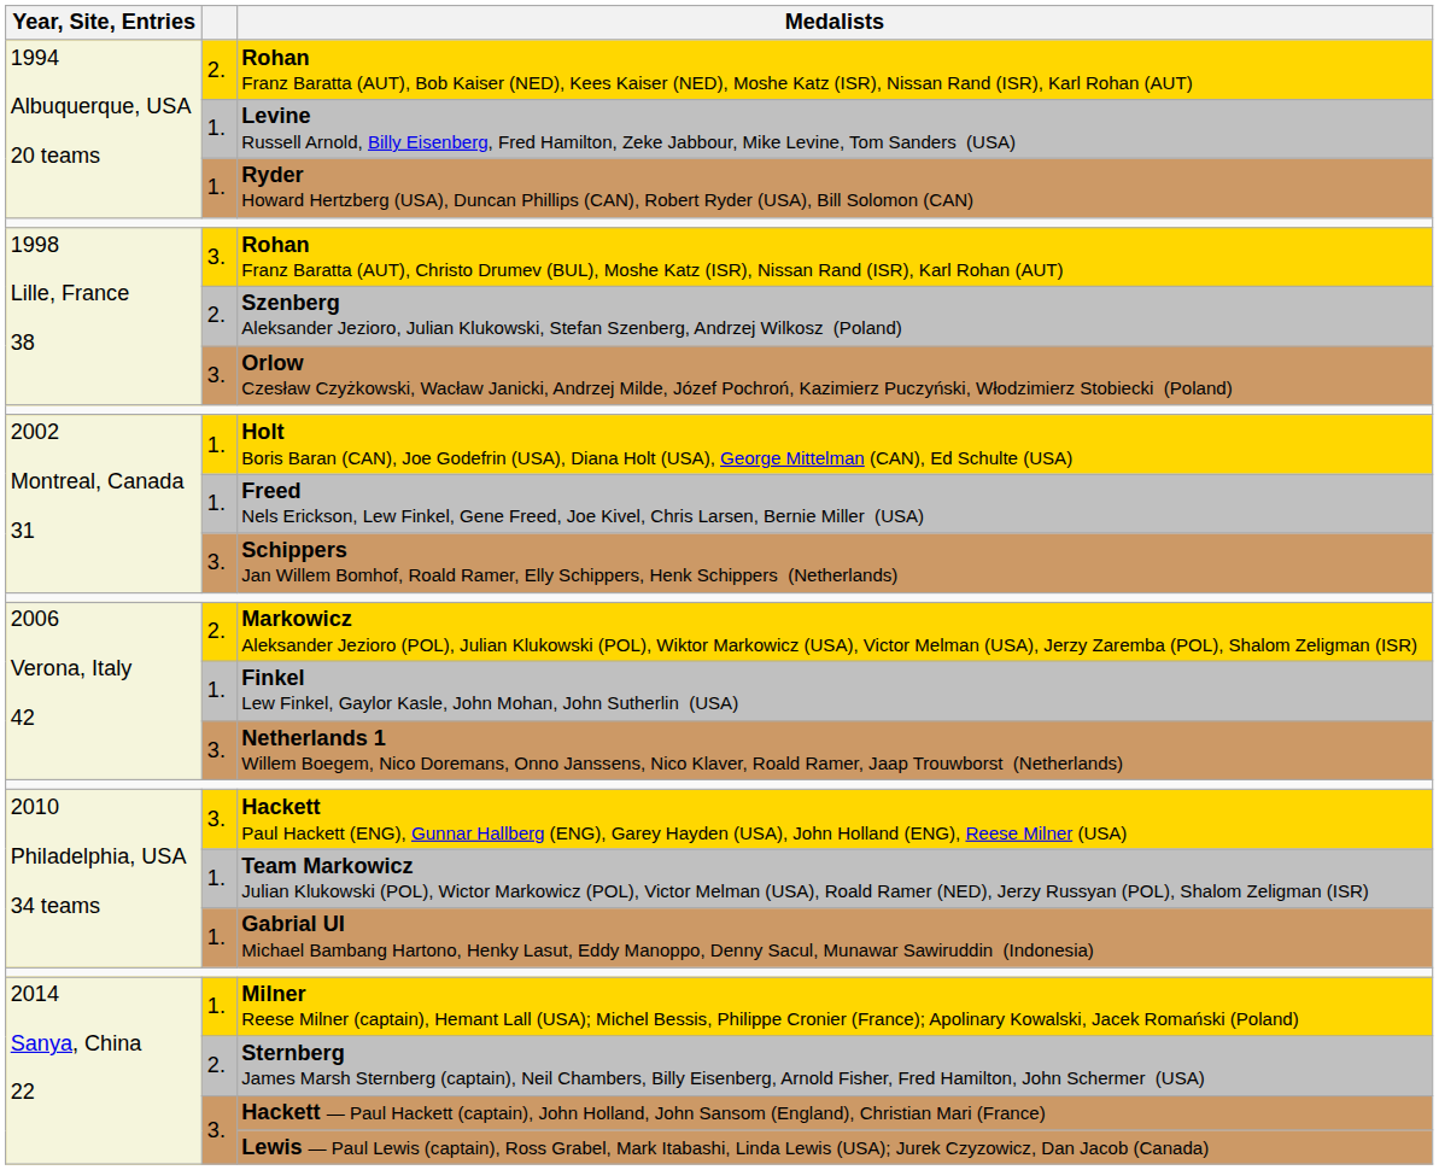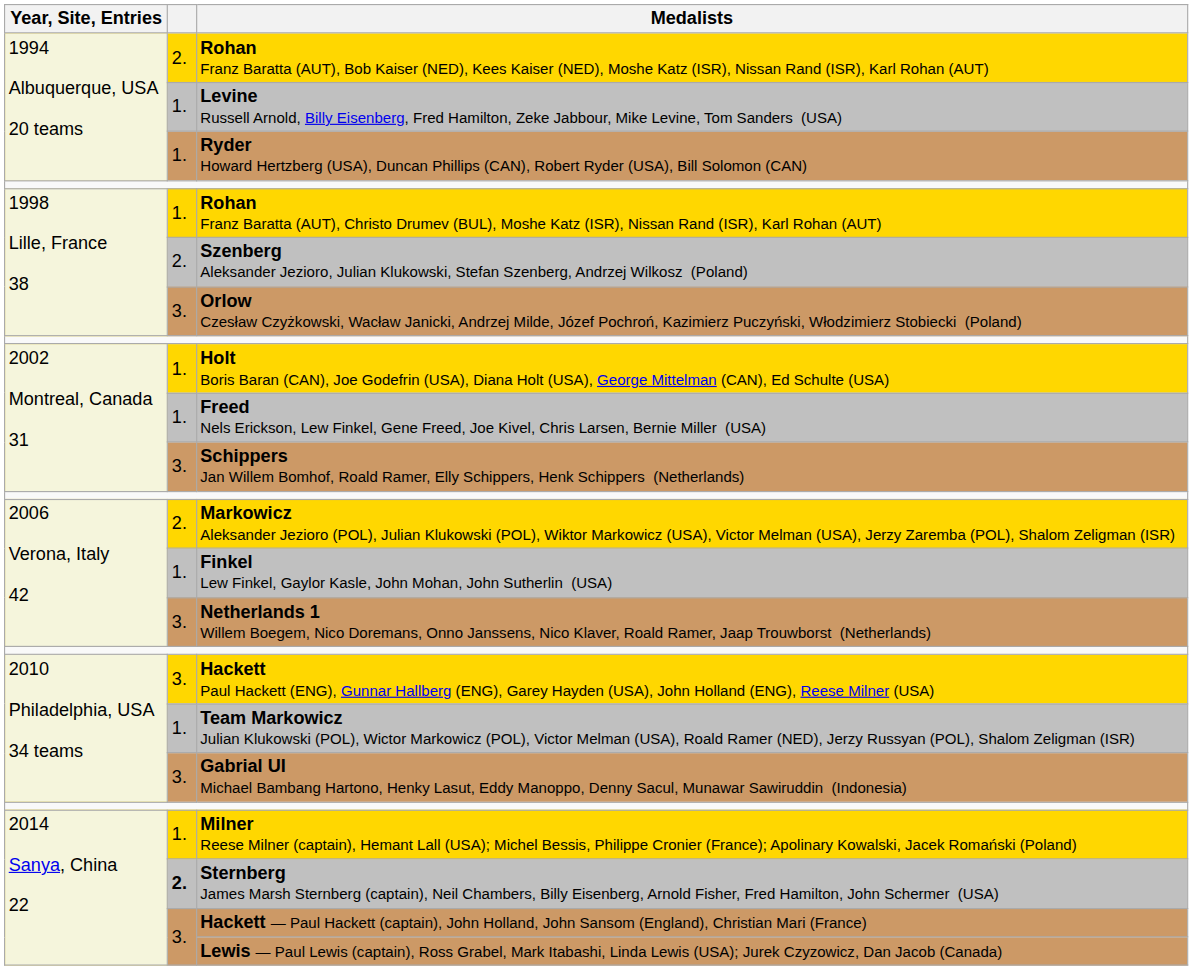 <table class=wikitable>
 <tr>
 <th>Year, Site, Entries</th>
 <th></th>
 <th>Medalists</th>
 </tr>
 <tr bgcolor="gold">
 <td rowspan="3" bgcolor="beige" valign="Top">1994 <br><br>Albuquerque, USA  <br> <br>20 teams</td>
 <td>2.</td>
 <td>   <strong>Rohan</strong> <br><small>Franz Baratta (AUT), Bob Kaiser (NED), Kees Kaiser (NED), Moshe Katz (ISR), Nissan Rand (ISR), Karl Rohan (AUT)</small></td>
 </tr>
 <tr bgcolor="silver">
 <td>1.</td>
 <td> <strong>Levine</strong> <br><small>Russell Arnold, <a href='#'>Billy Eisenberg</a>, Fred Hamilton, Zeke Jabbour, Mike Levine, Tom Sanders  (USA)</small></td>
 </tr>
 <tr bgcolor="cc9966">
 <td>1.</td>
 <td>  <strong>Ryder</strong> <br><small>Howard Hertzberg (USA), Duncan Phillips (CAN), Robert Ryder (USA), Bill Solomon (CAN)</small></td>
 </tr>
 <tr>
 <td colspan=3></td>
 </tr>
 <tr bgcolor="gold">
 <td rowspan="3" bgcolor="beige" valign="Top">1998 <br><br>Lille, France <br> <br>38</td>
-<td>3.</td>
+<td>1.</td>
 <td>   <strong>Rohan</strong> <br><small>Franz Baratta (AUT), Christo Drumev (BUL), Moshe Katz (ISR), Nissan Rand (ISR), Karl Rohan (AUT)</small></td>
 </tr>
 <tr bgcolor="silver">
 <td>2.</td>
 <td> <strong>Szenberg</strong> <br><small>Aleksander Jezioro, Julian Klukowski, Stefan Szenberg, Andrzej Wilkosz  (Poland)</small></td>
 </tr>
 <tr bgcolor="cc9966">
 <td>3.</td>
 <td> <strong>Orlow</strong> <br><small>Czesław Czyżkowski, Wacław Janicki, Andrzej Milde, Józef Pochroń, Kazimierz Puczyński, Włodzimierz Stobiecki  (Poland)</small></td>
 </tr>
 <tr>
 <td colspan=3></td>
 </tr>
 <tr bgcolor="gold">
 <td rowspan="3" bgcolor="beige" valign="Top">2002 <br><br>Montreal, Canada <br> <br>31</td>
 <td>1.</td>
 <td>  <strong>Holt</strong> <br><small>Boris Baran (CAN), Joe Godefrin (USA), Diana Holt (USA), <a href='#'>George Mittelman</a> (CAN), Ed Schulte (USA)</small></td>
 </tr>
 <tr bgcolor="silver">
 <td>1. </td>
 <td> <strong>Freed</strong> <br><small>Nels Erickson, Lew Finkel, Gene Freed, Joe Kivel, Chris Larsen, Bernie Miller  (USA)</small></td>
 </tr>
 <tr bgcolor="cc9966">
 <td>3.</td>
 <td> <strong>Schippers</strong> <br><small>Jan Willem Bomhof, Roald Ramer, Elly Schippers, Henk Schippers  (Netherlands)</small></td>
 </tr>
 <tr>
 <td colspan=3></td>
 </tr>
 <tr bgcolor="gold">
 <td rowspan="3" bgcolor="beige" valign="Top">2006 <br><br>Verona, Italy <br> <br>42</td>
 <td>2.</td>
 <td>   <strong>Markowicz</strong> <br><small>Aleksander Jezioro (POL), Julian Klukowski (POL), Wiktor Markowicz (USA), Victor Melman (USA), Jerzy Zaremba (POL), Shalom Zeligman (ISR)  </small></td>
 </tr>
 <tr bgcolor="silver">
 <td>1. </td>
 <td> <strong>Finkel</strong> <br><small>Lew Finkel, Gaylor Kasle, John Mohan, John Sutherlin  (USA)</small></td>
 </tr>
 <tr bgcolor="cc9966">
 <td>3.</td>
 <td> <strong>Netherlands 1</strong> <br><small>Willem Boegem, Nico Doremans, Onno Janssens, Nico Klaver, Roald Ramer, Jaap Trouwborst  (Netherlands)</small></td>
 </tr>
 <tr>
 <td colspan=3></td>
 </tr>
 <tr bgcolor="gold">
 <td rowspan="3" bgcolor="beige" valign="Top">2010 <br><br>Philadelphia, USA <br> <br>34 teams</td>
 <td>3.</td>
 <td>  <strong>Hackett</strong> <br><small>Paul Hackett (ENG), <a href='#'>Gunnar Hallberg</a> (ENG), Garey Hayden (USA), John Holland (ENG), <a href='#'>Reese Milner</a> (USA)</small></td>
 </tr>
 <tr bgcolor="silver">
 <td>1.</td>
 <td>    <strong>Team Markowicz</strong> <br><small>Julian Klukowski (POL), Wictor Markowicz (POL), Victor Melman (USA), Roald Ramer (NED), Jerzy Russyan (POL), Shalom Zeligman (ISR)</small></td>
 </tr>
 <tr bgcolor="cc9966">
-<td>1.</td>
+<td>3.</td>
 <td> <strong>Gabrial UI</strong> <br><small>Michael Bambang Hartono, Henky Lasut, Eddy Manoppo, Denny Sacul, Munawar Sawiruddin  (Indonesia)</small></td>
 </tr>
 <tr>
 <td colspan=3></td>
 </tr>
 <tr bgcolor="gold">
 <td rowspan="4" bgcolor="beige" valign="Top">2014  <br><br><a href='#'>Sanya</a>, China <br> <br> 22</td>
 <td>1.</td>
 <td>   <strong>Milner</strong> <br><small>Reese Milner (captain), Hemant Lall (USA); Michel Bessis, Philippe Cronier (France); Apolinary Kowalski, Jacek Romański (Poland)</small></td>
 </tr>
 <tr bgcolor="silver">
-<td>2.</td>
+<td><strong>2.</strong></td>
 <td> <strong>Sternberg</strong> <br><small>James Marsh Sternberg (captain), Neil Chambers, Billy Eisenberg, Arnold Fisher, Fred Hamilton, John Schermer  (USA)</small></td>
 </tr>
 <tr bgcolor="cc9966">
 <td rowspan=2>3.</td>
 <td>  <strong>Hackett</strong> <small>— Paul Hackett (captain), John Holland, John Sansom (England), Christian Mari (France)</small></td>
 </tr>
 <tr bgcolor="cc9966">
 <td>  <strong>Lewis</strong> <small>— Paul Lewis (captain), Ross Grabel, Mark Itabashi, Linda Lewis (USA); Jurek Czyzowicz, Dan Jacob (Canada)</small></td>
 </tr>
 </table>
